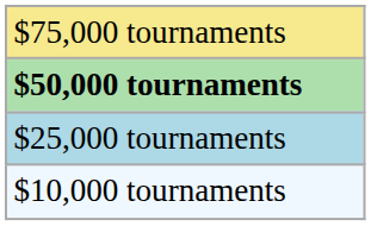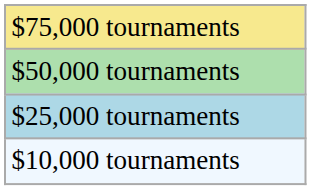 <table class="wikitable" style="font-size:85%; width:12%;">
 <tr style="background:#f7e98e;">
 <td>$75,000 tournaments</td>
 </tr>
 <tr style="background:#addfad;">
-<td><strong>$50,000 tournaments</strong></td>
+<td>$50,000 tournaments</td>
 </tr>
 <tr style="background:lightblue;">
 <td>$25,000 tournaments</td>
 </tr>
 <tr style="background:#f0f8ff;">
 <td>$10,000 tournaments</td>
 </tr>
 </table>
